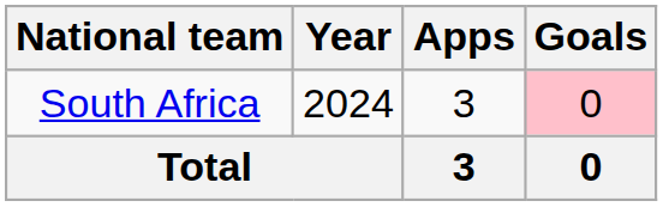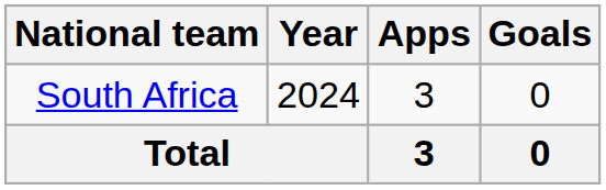 <table class="wikitable" style="text-align:center">
 <tr>
 <th>National team</th>
 <th>Year</th>
 <th>Apps</th>
 <th>Goals</th>
 </tr>
 <tr>
 <td rowspan="1"><a href='#'>South Africa</a></td>
 <td>2024</td>
 <td>3</td>
-<td style="background: pink;">0</td>
+<td>0</td>
 </tr>
 <tr>
 <th colspan="2">Total</th>
 <th>3</th>
 <th>0</th>
 </tr>
 </table>
